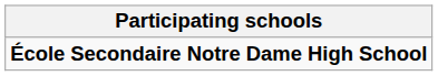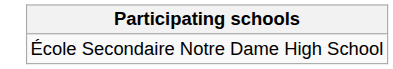 <table class="wikitable" align=right>
 <tr>
 <th>Participating schools</th>
 </tr>
 <tr>
-<td><strong>École Secondaire Notre Dame High School</strong></td>
+<td>École Secondaire Notre Dame High School</td>
 </tr>
 </table>
